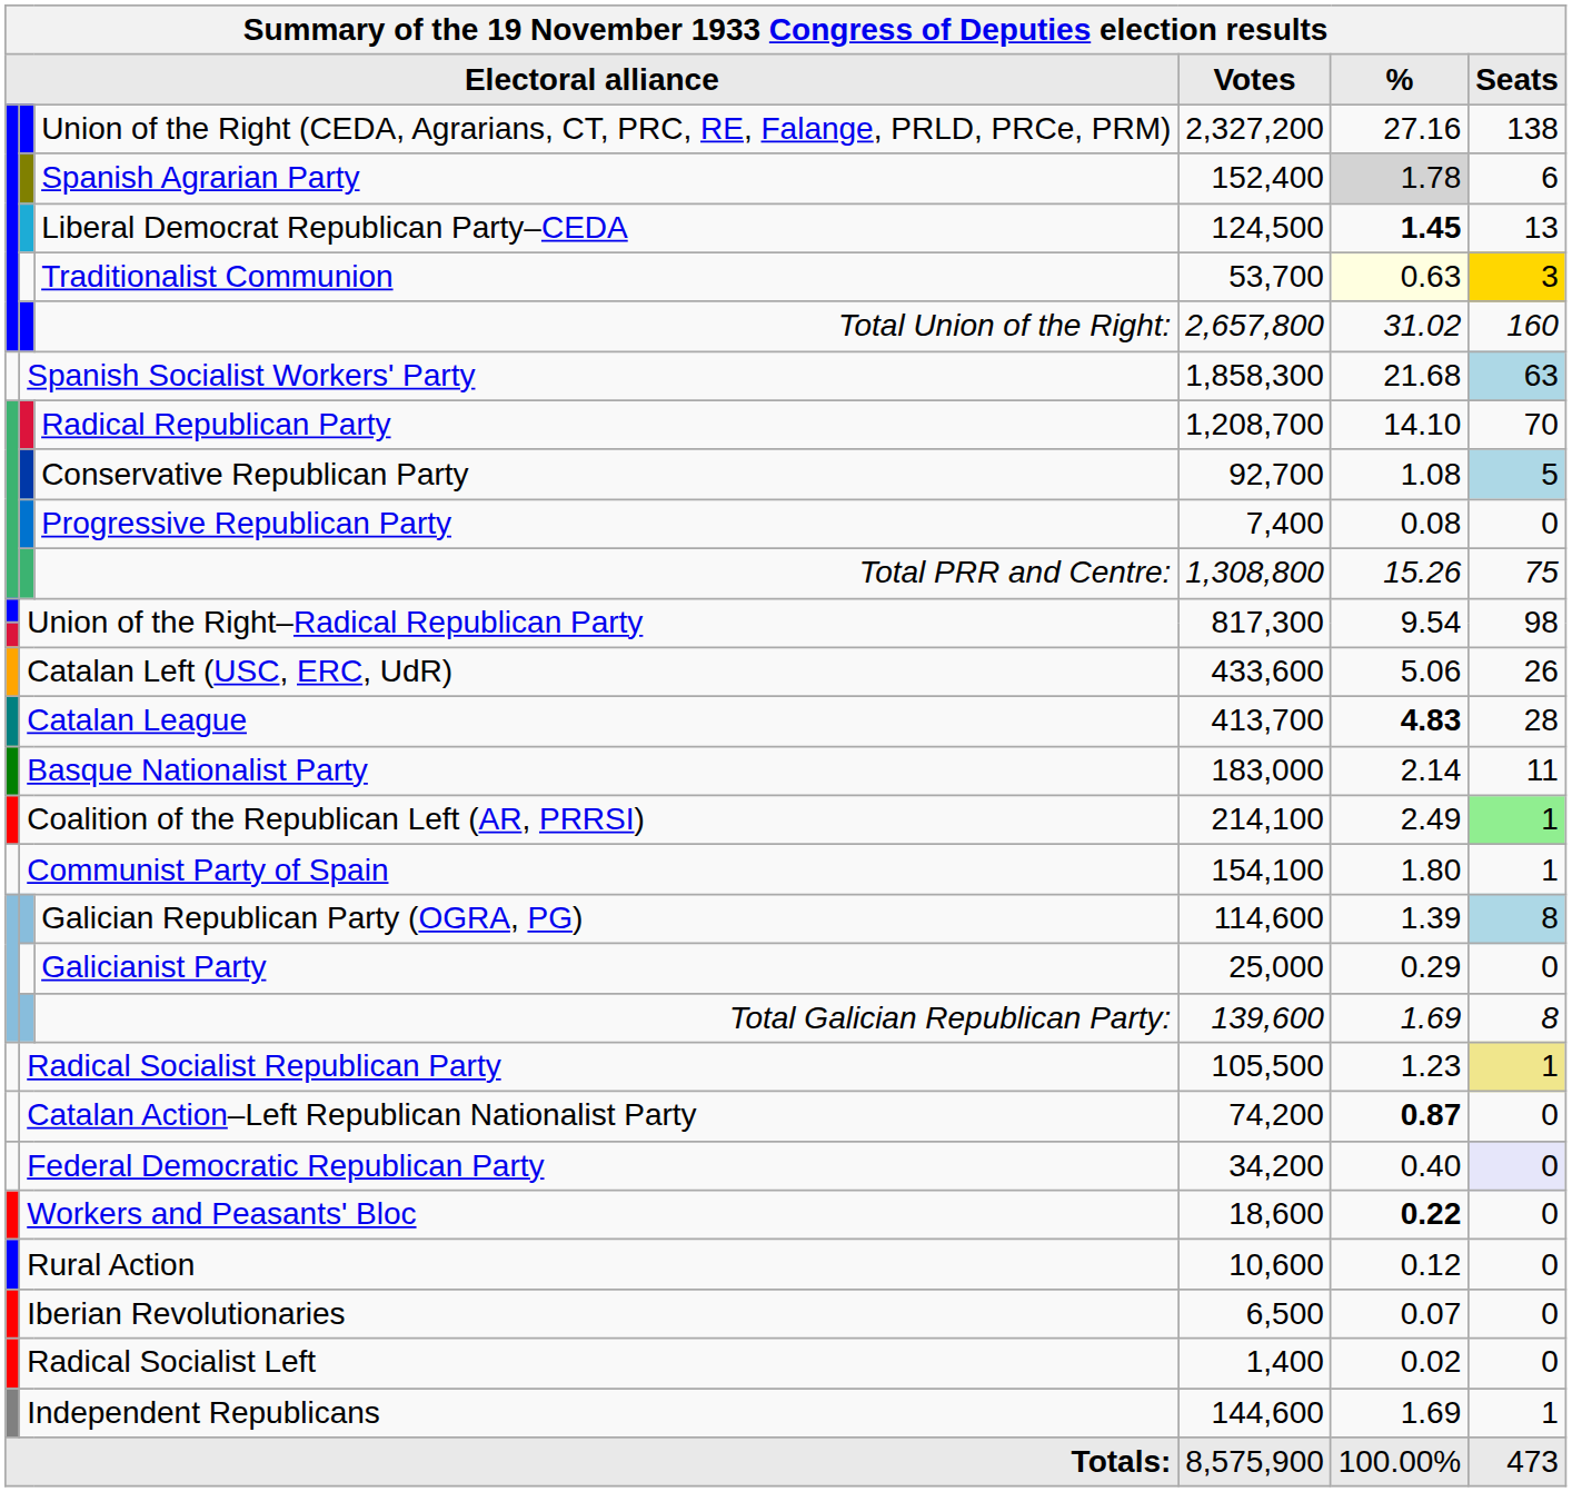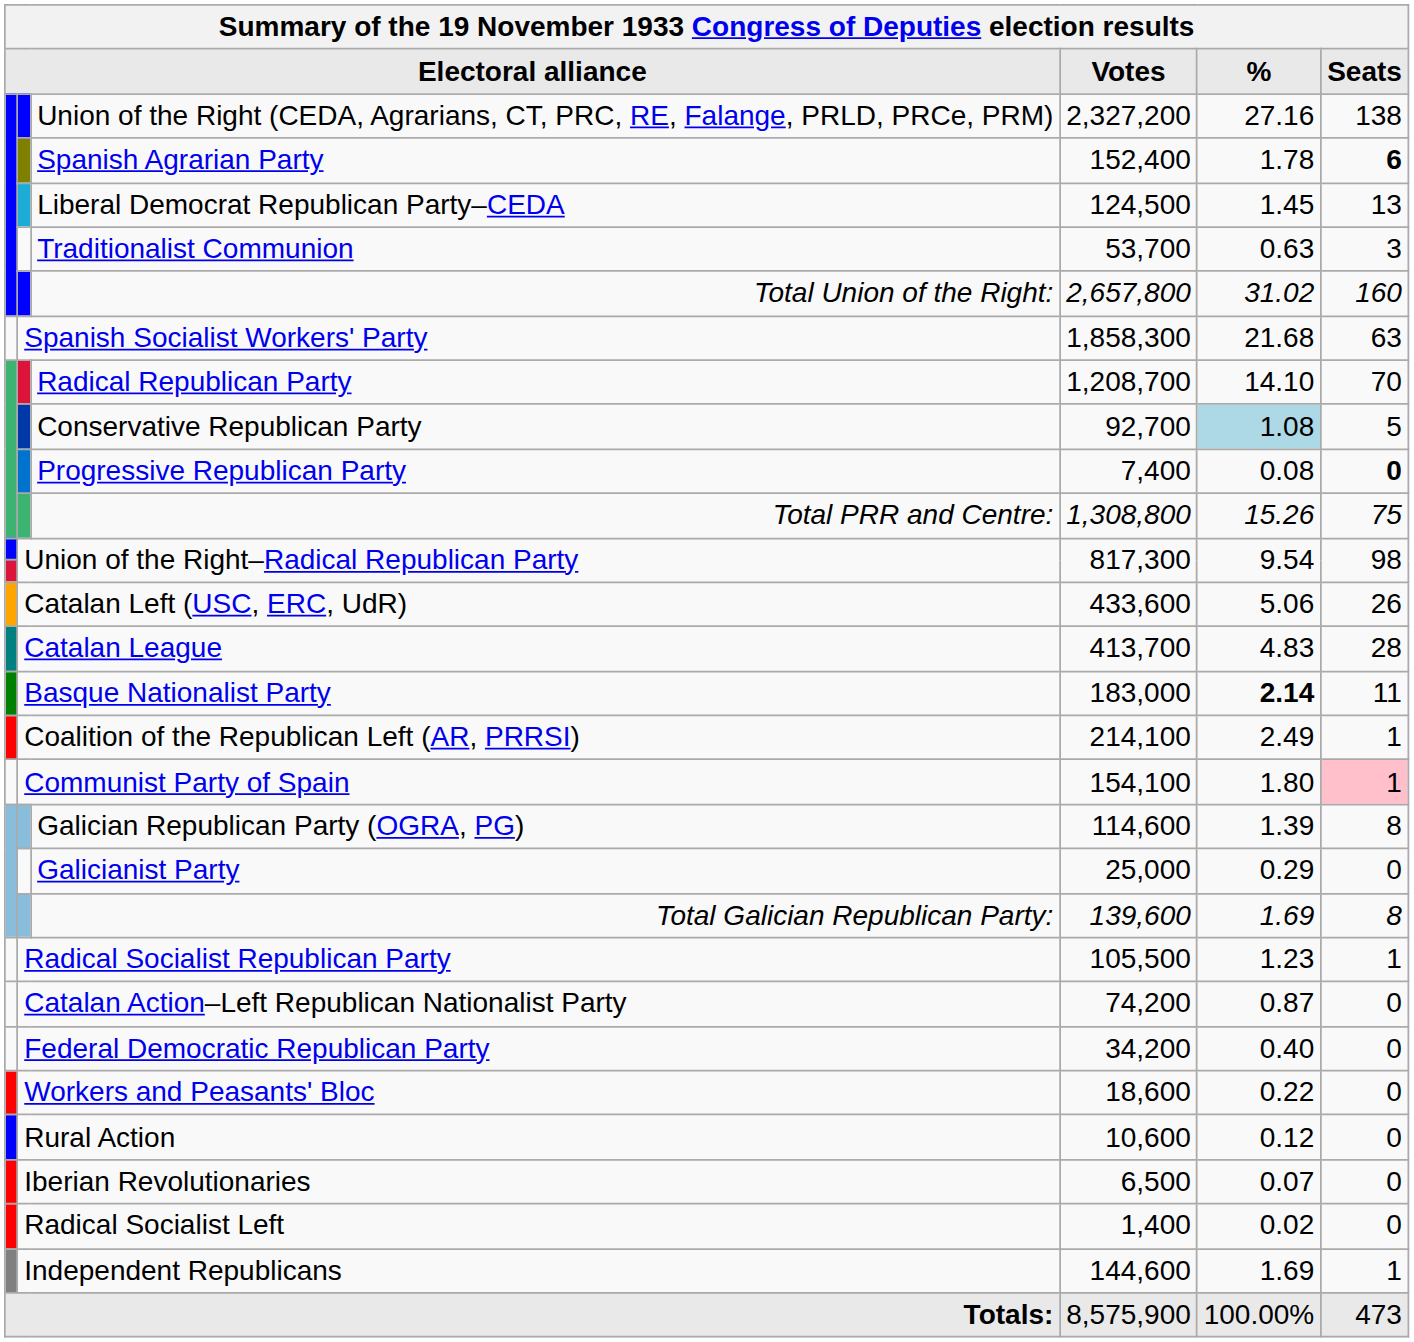 <table class="wikitable">
 <tr>
 <th colspan="6">Summary of the 19 November 1933 <a href='#'>Congress of Deputies</a> election results</th>
 </tr>
 <tr>
 <th colspan="3" style="background-color:#E9E9E9" align=left>Electoral alliance</th>
 <th style="background-color:#E9E9E9" align=right>Votes</th>
 <th style="background-color:#E9E9E9" align=right>%</th>
 <th style="background-color:#E9E9E9" align=right>Seats</th>
 </tr>
 <tr>
 <td style="background-color:blue" rowspan="5"></td>
 <td style="background-color:blue"></td>
 <td align=left>Union of the Right (CEDA, Agrarians, CT, PRC, <a href='#'>RE</a>, <a href='#'>Falange</a>, PRLD, PRCe, PRM)</td>
 <td align="right">2,327,200</td>
 <td align="right">27.16</td>
 <td align="right">138</td>
 </tr>
 <tr>
 <td style="background-color:#808000"></td>
 <td style="text-align:left;"><a href='#'>Spanish Agrarian Party</a></td>
 <td style="text-align:right;">152,400</td>
-<td style="background: lightgrey; text-align:right;">1.78</td>
-<td align="right">6</td>
+<td style="text-align:right;">1.78</td>
+<td align="right"><strong>6</strong></td>
 </tr>
 <tr>
 <td bgcolor="#1DACD6"></td>
 <td style="text-align:left;">Liberal Democrat Republican Party–<a href='#'>CEDA</a></td>
 <td style="text-align:right;">124,500</td>
-<td style="text-align:right;"><strong>1.45</strong></td>
+<td style="text-align:right;">1.45</td>
 <td align="right">13</td>
 </tr>
 <tr>
 <td style="background-color:"></td>
 <td style="text-align:left;"><a href='#'>Traditionalist Communion</a></td>
 <td style="text-align:right;">53,700</td>
-<td align="right" style="background: lightyellow;">0.63</td>
-<td align="right" style="background: gold;">3</td>
+<td align="right">0.63</td>
+<td align="right">3</td>
 </tr>
 <tr>
 <td style="background-color:blue"></td>
 <td style="text-align:right;"><em>Total Union of the Right:</em></td>
 <td align="right"><em>2,657,800</em></td>
 <td align="right"><em>31.02</em></td>
 <td align="right"><em>160</em></td>
 </tr>
 <tr>
 <td style="background-color:"></td>
 <td colspan="2" style="text-align:left;"><a href='#'>Spanish Socialist Workers' Party</a></td>
 <td style="text-align:right;">1,858,300</td>
 <td style="text-align:right;">21.68</td>
-<td align="right" style="background: lightblue;">63</td>
+<td align="right">63</td>
 </tr>
 <tr>
 <td style="background-color:#3CB371" rowspan="4"></td>
 <td style="background-color:#DC143C"></td>
 <td style="text-align:left;"><a href='#'>Radical Republican Party</a></td>
 <td style="text-align:right;">1,208,700</td>
 <td style="text-align:right;">14.10</td>
 <td align="right">70</td>
 </tr>
 <tr>
 <td style="background-color:#0038A8"></td>
 <td style="text-align:left;">Conservative Republican Party</td>
 <td style="text-align:right;">92,700</td>
-<td style="text-align:right;">1.08</td>
-<td style="background: lightblue; text-align:right;">5</td>
+<td style="background: lightblue; text-align:right;">1.08</td>
+<td style="text-align:right;">5</td>
 </tr>
 <tr>
 <td style="background-color:#0073CF"></td>
 <td style="text-align:left;"><a href='#'>Progressive Republican Party</a></td>
 <td style="text-align:right;">7,400</td>
 <td style="text-align:right;">0.08</td>
-<td style="text-align:right;">0</td>
+<td style="text-align:right;"><strong>0</strong></td>
 </tr>
 <tr>
 <td style="background-color:#3CB371"></td>
 <td style="text-align:right;"><em>Total PRR and Centre:</em></td>
 <td align="right"><em>1,308,800</em></td>
 <td align="right"><em>15.26</em></td>
 <td align="right"><em>75</em></td>
 </tr>
 <tr>
 <td style="background-color:blue"></td>
 <td rowspan="2" colspan="2">Union of the Right–<a href='#'>Radical Republican Party</a></td>
 <td style="text-align:right;" rowspan="2">817,300</td>
 <td style="text-align:right;" rowspan="2">9.54</td>
 <td style="text-align:right;" rowspan="2">98</td>
 </tr>
 <tr>
 <td style="background-color:#DC143C"></td>
 </tr>
 <tr>
 <td bgcolor="orange"></td>
 <td style="text-align: left" colspan=2>Catalan Left (<a href='#'>USC</a>, <a href='#'>ERC</a>, UdR)</td>
 <td style="text-align:right;">433,600</td>
 <td style="text-align:right;">5.06</td>
 <td style="text-align:right;">26</td>
 </tr>
 <tr>
 <td style="background-color:#008080"></td>
 <td style="text-align:left;" colspan=2><a href='#'>Catalan League</a></td>
 <td style="text-align:right;">413,700</td>
-<td style="text-align:right;"><strong>4.83</strong></td>
+<td style="text-align:right;">4.83</td>
 <td style="text-align:right;">28</td>
 </tr>
 <tr>
 <td style="background-color:#008000"></td>
 <td style="text-align:left;" colspan=2><a href='#'>Basque Nationalist Party</a></td>
 <td style="text-align:right;">183,000</td>
-<td style="text-align:right;">2.14</td>
+<td style="text-align:right;"><strong>2.14</strong></td>
 <td style="text-align:right;">11</td>
 </tr>
 <tr>
 <td style="background-color:red"></td>
 <td style="text-align:left;" colspan=2>Coalition of the Republican Left (<a href='#'>AR</a>, <a href='#'>PRRSI</a>)</td>
 <td style="text-align:right;">214,100</td>
 <td style="text-align:right;">2.49</td>
-<td style="background: lightgreen; text-align:right;">1</td>
+<td style="text-align:right;">1</td>
 </tr>
 <tr>
 <td></td>
 <td style="text-align: left" colspan=2><a href='#'>Communist Party of Spain</a></td>
 <td style="text-align:right;">154,100</td>
 <td style="text-align:right;">1.80</td>
-<td style="text-align:right;">1</td>
+<td style="background: pink; text-align:right;">1</td>
 </tr>
 <tr>
 <td bgcolor="#88BDDC" rowspan="3"></td>
 <td bgcolor="#88BDDC"></td>
 <td style="text-align: left">Galician Republican Party (<a href='#'>OGRA</a>, <a href='#'>PG</a>)</td>
 <td style="text-align:right;">114,600</td>
 <td style="text-align:right;">1.39</td>
-<td style="background: lightblue; text-align:right;">8</td>
+<td style="text-align:right;">8</td>
 </tr>
 <tr>
 <td></td>
 <td style="text-align: left"><a href='#'>Galicianist Party</a></td>
 <td style="text-align:right;">25,000</td>
 <td style="text-align:right;">0.29</td>
 <td style="text-align:right;">0</td>
 </tr>
 <tr>
 <td bgcolor="#88BDDC"></td>
 <td style="text-align:right;"><em>Total Galician Republican Party:</em></td>
 <td align="right"><em>139,600</em></td>
 <td align="right"><em>1.69</em></td>
 <td align="right"><em>8</em></td>
 </tr>
 <tr>
 <td></td>
 <td style="text-align: left" colspan=2><a href='#'>Radical Socialist Republican Party</a></td>
 <td style="text-align:right;">105,500</td>
 <td style="text-align:right;">1.23</td>
-<td style="background: khaki; text-align:right;">1</td>
+<td style="text-align:right;">1</td>
 </tr>
 <tr>
 <td></td>
 <td style="text-align: left" colspan=2><a href='#'>Catalan Action</a>–Left Republican Nationalist Party</td>
 <td style="text-align:right;">74,200</td>
-<td style="text-align:right;"><strong>0.87</strong></td>
+<td style="text-align:right;">0.87</td>
 <td style="text-align:right;">0</td>
 </tr>
 <tr>
 <td></td>
 <td style="text-align: left" colspan=2><a href='#'>Federal Democratic Republican Party</a></td>
 <td style="text-align:right;">34,200</td>
 <td style="text-align:right;">0.40</td>
-<td style="background: lavender; text-align:right;">0</td>
+<td style="text-align:right;">0</td>
 </tr>
 <tr>
 <td bgcolor="red"></td>
 <td style="text-align: left" colspan=2><a href='#'>Workers and Peasants' Bloc</a></td>
 <td style="text-align:right;">18,600</td>
-<td style="text-align:right;"><strong>0.22</strong></td>
+<td style="text-align:right;">0.22</td>
 <td style="text-align:right;">0</td>
 </tr>
 <tr>
 <td bgcolor="blue"></td>
 <td style="text-align: left" colspan=2>Rural Action</td>
 <td style="text-align:right;">10,600</td>
 <td style="text-align:right;">0.12</td>
 <td style="text-align:right;">0</td>
 </tr>
 <tr>
 <td bgcolor="red"></td>
 <td style="text-align: left" colspan=2>Iberian Revolutionaries</td>
 <td style="text-align:right;">6,500</td>
 <td style="text-align:right;">0.07</td>
 <td style="text-align:right;">0</td>
 </tr>
 <tr>
 <td bgcolor="red"></td>
 <td style="text-align: left" colspan=2>Radical Socialist Left</td>
 <td style="text-align:right;">1,400</td>
 <td style="text-align:right;">0.02</td>
 <td style="text-align:right;">0</td>
 </tr>
 <tr>
 <td bgcolor="grey"></td>
 <td style="text-align: left" colspan=2>Independent Republicans</td>
 <td style="text-align:right;">144,600</td>
 <td style="text-align:right;">1.69</td>
 <td style="text-align:right;">1</td>
 </tr>
 <tr>
 <td colspan="3" align="right" style="background-color:#E9E9E9"><strong>Totals:</strong></td>
 <td align="right" style="background-color:#E9E9E9">8,575,900</td>
 <td align="right" style="background-color:#E9E9E9">100.00%</td>
 <td align="right" style="background-color:#E9E9E9">473</td>
 </tr>
 </table>
